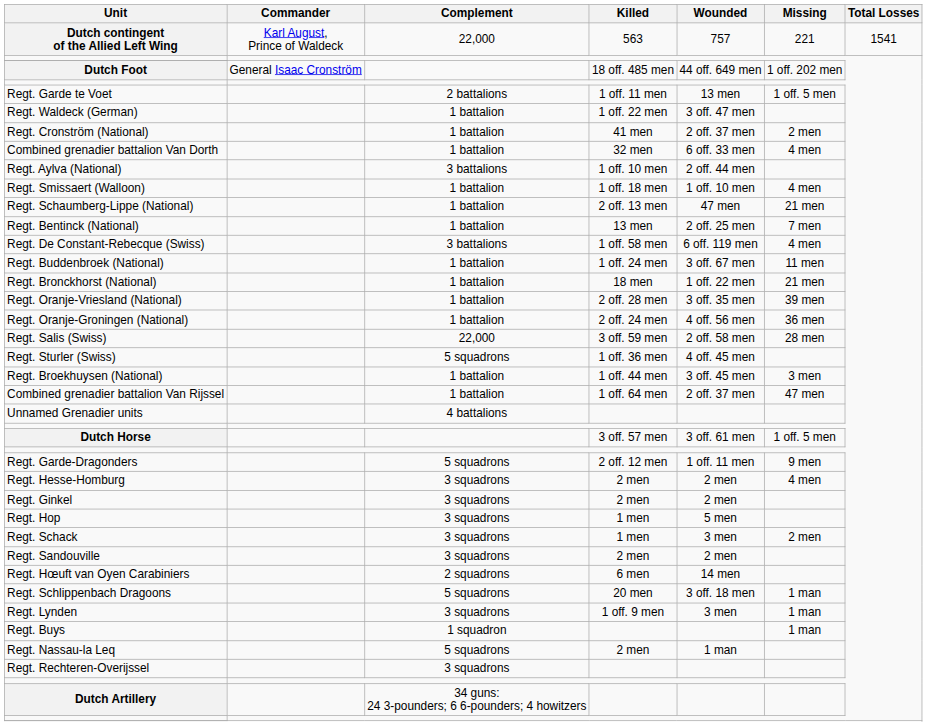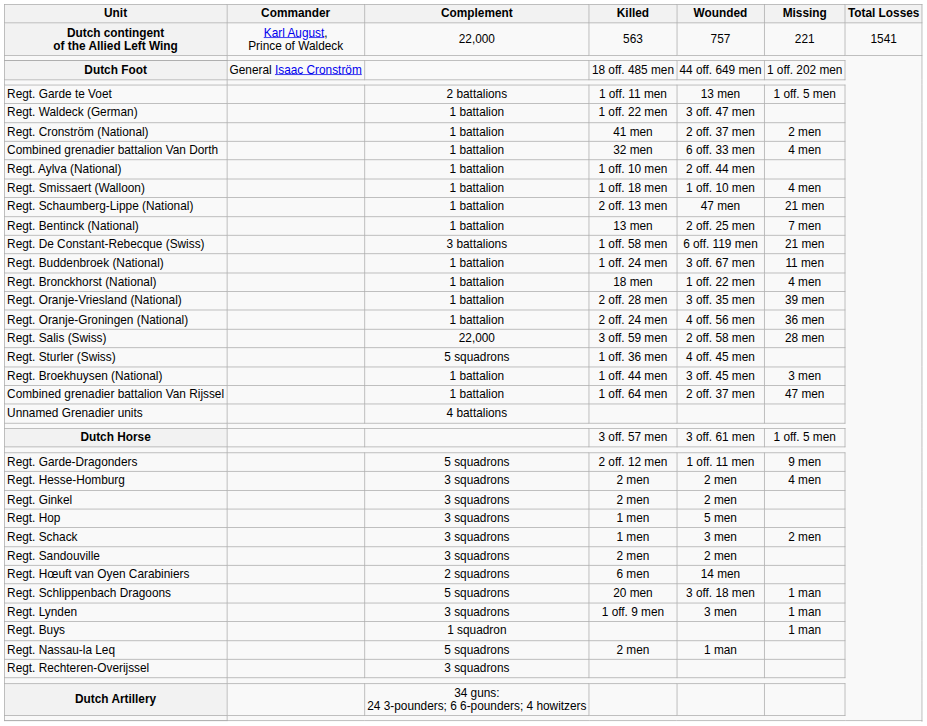 <table class="wikitable">
 <tr>
 <th>Unit</th>
 <th>Commander</th>
 <th>Complement</th>
 <th>Killed</th>
 <th>Wounded</th>
 <th>Missing</th>
 <th>Total Losses</th>
 </tr>
 <tr>
 <th colspan="1" bgcolor="#f9f9f9;">Dutch contingent<br>of the Allied Left Wing</th>
 <td align="center"><a href='#'>Karl August</a>,<br> Prince of Waldeck</td>
 <td align="center">22,000</td>
 <td align="center">563</td>
 <td align="center">757</td>
 <td align="center">221</td>
 <td align="center">1541</td>
 </tr>
 <tr>
 <td align="center"></td>
 </tr>
 <tr>
 </tr>
 <tr>
 <th colspan="1" bgcolor="#f9f9f9;">Dutch Foot</th>
 <td align="center">General <a href='#'>Isaac Cronström</a></td>
 <td align="center"></td>
 <td align="center">18 off. 485 men</td>
 <td align="center">44 off. 649 men</td>
 <td align="center">1 off. 202 men</td>
 </tr>
 <tr>
 <td align="center"></td>
 </tr>
 <tr>
 <td>Regt. Garde te Voet</td>
 <td align="center"></td>
 <td align="center">2 battalions</td>
 <td align="center">1 off. 11 men</td>
 <td align="center">13 men</td>
 <td align="center">1 off. 5 men</td>
 </tr>
 <tr>
 <td>Regt. Waldeck (German)</td>
 <td align="center"></td>
 <td align="center">1 battalion</td>
 <td align="center">1 off. 22 men</td>
 <td align="center">3 off. 47 men</td>
 <td align="center"></td>
 </tr>
 <tr>
 <td>Regt. Cronström (National)</td>
 <td align="center"></td>
 <td align="center">1 battalion</td>
 <td align="center">41 men</td>
 <td align="center">2 off. 37 men</td>
 <td align="center">2 men</td>
 </tr>
 <tr>
 <td>Combined grenadier battalion Van Dorth</td>
 <td align="center"></td>
 <td align="center">1 battalion</td>
 <td align="center">32 men</td>
 <td align="center">6 off. 33 men</td>
 <td align="center">4 men</td>
 </tr>
 <tr>
 <td>Regt. Aylva (National)</td>
 <td align="center"></td>
-<td align="center">3 battalions</td>
+<td align="center">1 battalion</td>
 <td align="center">1 off. 10 men</td>
 <td align="center">2 off. 44 men</td>
 <td align="center"></td>
 </tr>
 <tr>
 <td>Regt. Smissaert (Walloon)</td>
 <td align="center"></td>
 <td align="center">1 battalion</td>
 <td align="center">1 off. 18 men</td>
 <td align="center">1 off. 10 men</td>
 <td align="center">4 men</td>
 </tr>
 <tr>
 <td>Regt. Schaumberg-Lippe (National)</td>
 <td align="center"></td>
 <td align="center">1 battalion</td>
 <td align="center">2 off. 13 men</td>
 <td align="center">47 men</td>
 <td align="center">21 men</td>
 </tr>
 <tr>
 <td>Regt. Bentinck (National)</td>
 <td align="center"></td>
 <td align="center">1 battalion</td>
 <td align="center">13 men</td>
 <td align="center">2 off. 25 men</td>
 <td align="center">7 men</td>
 </tr>
 <tr>
 <td>Regt. De Constant-Rebecque (Swiss)</td>
 <td align="center"></td>
 <td align="center">3 battalions</td>
 <td align="center">1 off. 58 men</td>
 <td align="center">6 off. 119 men</td>
-<td align="center">4 men</td>
+<td align="center">21 men</td>
 </tr>
 <tr>
 <td>Regt. Buddenbroek (National)</td>
 <td align="center"></td>
 <td align="center">1 battalion</td>
 <td align="center">1 off. 24 men</td>
 <td align="center">3 off. 67 men</td>
 <td align="center">11 men</td>
 </tr>
 <tr>
 <td>Regt. Bronckhorst (National)</td>
 <td align="center"></td>
 <td align="center">1 battalion</td>
 <td align="center">18 men</td>
 <td align="center">1 off. 22 men</td>
-<td align="center">21 men</td>
+<td align="center">4 men</td>
 </tr>
 <tr>
 <td>Regt. Oranje-Vriesland (National)</td>
 <td align="center"></td>
 <td align="center">1 battalion</td>
 <td align="center">2 off. 28 men</td>
 <td align="center">3 off. 35 men</td>
 <td align="center">39 men</td>
 </tr>
 <tr>
 <td>Regt. Oranje-Groningen (National)</td>
 <td align="center"></td>
 <td align="center">1 battalion</td>
 <td align="center">2 off. 24 men</td>
 <td align="center">4 off. 56 men</td>
 <td align="center">36 men</td>
 </tr>
 <tr>
 <td>Regt. Salis (Swiss)</td>
 <td align="center"></td>
 <td align="center">22,000</td>
 <td align="center">3 off. 59 men</td>
 <td align="center">2 off. 58 men</td>
 <td align="center">28 men</td>
 </tr>
 <tr>
 <td>Regt. Sturler (Swiss)</td>
 <td align="center"></td>
 <td align="center">5 squadrons</td>
 <td align="center">1 off. 36 men</td>
 <td align="center">4 off. 45 men</td>
 <td align="center"></td>
 </tr>
 <tr>
 <td>Regt. Broekhuysen (National)</td>
 <td align="center"></td>
 <td align="center">1 battalion</td>
 <td align="center">1 off. 44 men</td>
 <td align="center">3 off. 45 men</td>
 <td align="center">3 men</td>
 </tr>
 <tr>
 <td>Combined grenadier battalion Van Rijssel</td>
 <td align="center"></td>
 <td align="center">1 battalion</td>
 <td align="center">1 off. 64 men</td>
 <td align="center">2 off. 37 men</td>
 <td align="center">47 men</td>
 </tr>
 <tr>
 <td>Unnamed Grenadier units</td>
 <td align="center"></td>
 <td align="center">4 battalions</td>
 <td align="center"></td>
 <td align="center"></td>
 <td align="center"></td>
 </tr>
 <tr>
 <td align="center"></td>
 </tr>
 <tr>
 <th colspan="1" bgcolor="#f9f9f9;">Dutch Horse</th>
 <td align="center"></td>
 <td align="center"></td>
 <td align="center">3 off. 57 men</td>
 <td align="center">3 off. 61 men</td>
 <td align="center">1 off. 5 men</td>
 </tr>
 <tr>
 <td align="center"></td>
 </tr>
 <tr>
 <td>Regt. Garde-Dragonders</td>
 <td align="center"></td>
 <td align="center">5 squadrons</td>
 <td align="center">2 off. 12 men</td>
 <td align="center">1 off. 11 men</td>
 <td align="center">9 men</td>
 </tr>
 <tr>
 <td>Regt. Hesse-Homburg</td>
 <td align="center"></td>
 <td align="center">3 squadrons</td>
 <td align="center">2 men</td>
 <td align="center">2 men</td>
 <td align="center">4 men</td>
 </tr>
 <tr>
 <td>Regt. Ginkel</td>
 <td align="center"></td>
 <td align="center">3 squadrons</td>
 <td align="center">2 men</td>
 <td align="center">2 men</td>
 <td align="center"></td>
 </tr>
 <tr>
 <td>Regt. Hop</td>
 <td align="center"></td>
 <td align="center">3 squadrons</td>
 <td align="center">1 men</td>
 <td align="center">5 men</td>
 <td align="center"></td>
 </tr>
 <tr>
 <td>Regt. Schack</td>
 <td align="center"></td>
 <td align="center">3 squadrons</td>
 <td align="center">1 men</td>
 <td align="center">3 men</td>
 <td align="center">2 men</td>
 </tr>
 <tr>
 <td>Regt. Sandouville</td>
 <td align="center"></td>
 <td align="center">3 squadrons</td>
 <td align="center">2 men</td>
 <td align="center">2 men</td>
 <td align="center"></td>
 </tr>
 <tr>
 <td>Regt. Hœuft van Oyen Carabiniers</td>
 <td align="center"></td>
 <td align="center">2 squadrons</td>
 <td align="center">6 men</td>
 <td align="center">14 men</td>
 <td align="center"></td>
 </tr>
 <tr>
 <td>Regt. Schlippenbach Dragoons</td>
 <td align="center"></td>
 <td align="center">5 squadrons</td>
 <td align="center">20 men</td>
 <td align="center">3 off. 18 men</td>
 <td align="center">1 man</td>
 </tr>
 <tr>
 <td>Regt. Lynden</td>
 <td align="center"></td>
 <td align="center">3 squadrons</td>
 <td align="center">1 off. 9 men</td>
 <td align="center">3 men</td>
 <td align="center">1  man</td>
 </tr>
 <tr>
 <td>Regt. Buys</td>
 <td align="center"></td>
 <td align="center">1 squadron</td>
 <td align="center"></td>
 <td align="center"></td>
 <td align="center">1 man</td>
 </tr>
 <tr>
 <td>Regt. Nassau-la Leq</td>
 <td align="center"></td>
 <td align="center">5 squadrons</td>
 <td align="center">2 men</td>
 <td align="center">1  man</td>
 <td align="center"></td>
 </tr>
 <tr>
 <td>Regt. Rechteren-Overijssel</td>
 <td align="center"></td>
 <td align="center">3 squadrons</td>
 <td align="center"></td>
 <td align="center"></td>
 <td align="center"></td>
 </tr>
 <tr>
 <td align="center"></td>
 </tr>
 <tr>
 <th colspan="1" bgcolor="#f9f9f9;">Dutch Artillery</th>
 <td align="center"></td>
 <td align="center">34 guns: <br>24 3-pounders; 6 6-pounders; 4 howitzers</td>
 <td align="center"></td>
 <td align="center"></td>
 <td align="center"></td>
 </tr>
 <tr>
 <td align="center"></td>
 </tr>
 <tr>
 </tr>
 </table>
